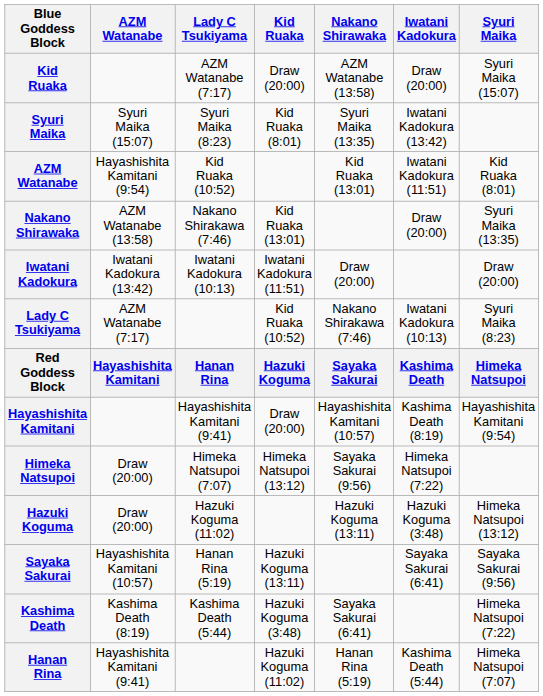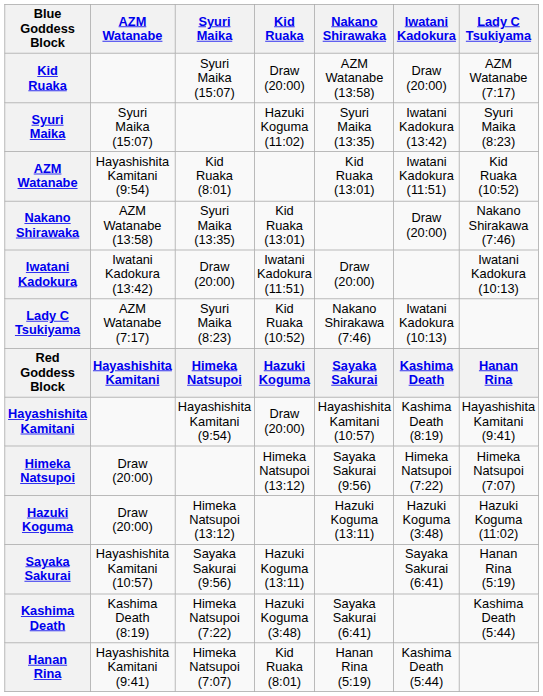 <table class="wikitable" style="text-align:center; margin: 1em auto 1em auto;" width="25%">
 <tr>
 <th>Blue Goddess Block</th>
 <th><a href='#'>AZM</a><br><a href='#'>Watanabe</a></th>
-<th><a href='#'>Lady C</a><br><a href='#'>Tsukiyama</a></th>
+<th><a href='#'>Syuri</a><br><a href='#'>Maika</a></th>
 <th><a href='#'>Kid</a><br><a href='#'>Ruaka</a></th>
 <th><a href='#'>Nakano</a><br><a href='#'>Shirawaka</a></th>
 <th><a href='#'>Iwatani</a><br><a href='#'>Kadokura</a></th>
-<th><a href='#'>Syuri</a><br><a href='#'>Maika</a></th>
+<th><a href='#'>Lady C</a><br><a href='#'>Tsukiyama</a></th>
 </tr>
 <tr>
 <th><a href='#'>Kid</a><br><a href='#'>Ruaka</a></th>
 <td></td>
-<td>AZM<br>Watanabe<br>(7:17)</td>
+<td>Syuri<br>Maika<br>(15:07)</td>
 <td>Draw<br>(20:00)</td>
 <td>AZM<br>Watanabe<br>(13:58)</td>
 <td>Draw<br>(20:00)</td>
-<td>Syuri<br>Maika<br>(15:07)</td>
+<td>AZM<br>Watanabe<br>(7:17)</td>
 </tr>
 <tr>
 <th><a href='#'>Syuri</a><br><a href='#'>Maika</a></th>
 <td>Syuri<br>Maika<br>(15:07)</td>
-<td>Syuri<br>Maika<br>(8:23)</td>
-<td>Kid<br>Ruaka<br>(8:01)</td>
+<td></td>
+<td>Hazuki<br>Koguma<br>(11:02)</td>
 <td>Syuri<br>Maika<br>(13:35)</td>
 <td>Iwatani<br>Kadokura<br>(13:42)</td>
-<td></td>
+<td>Syuri<br>Maika<br>(8:23)</td>
 </tr>
 <tr>
 <th><a href='#'>AZM</a><br><a href='#'>Watanabe</a></th>
 <td>Hayashishita<br>Kamitani<br>(9:54)</td>
-<td>Kid<br>Ruaka<br>(10:52)</td>
+<td>Kid<br>Ruaka<br>(8:01)</td>
 <td></td>
 <td>Kid<br>Ruaka<br>(13:01)</td>
 <td>Iwatani<br>Kadokura<br>(11:51)</td>
-<td>Kid<br>Ruaka<br>(8:01)</td>
+<td>Kid<br>Ruaka<br>(10:52)</td>
 </tr>
 <tr>
 <th><a href='#'>Nakano</a><br><a href='#'>Shirawaka</a></th>
 <td>AZM<br>Watanabe<br>(13:58)</td>
-<td>Nakano<br>Shirakawa<br>(7:46)</td>
+<td>Syuri<br>Maika<br>(13:35)</td>
 <td>Kid<br>Ruaka<br>(13:01)</td>
 <td></td>
 <td>Draw<br>(20:00)</td>
-<td>Syuri<br>Maika<br>(13:35)</td>
+<td>Nakano<br>Shirakawa<br>(7:46)</td>
 </tr>
 <tr>
 <th><a href='#'>Iwatani</a><br><a href='#'>Kadokura</a></th>
 <td>Iwatani<br>Kadokura<br>(13:42)</td>
-<td>Iwatani<br>Kadokura<br>(10:13)</td>
+<td>Draw<br>(20:00)</td>
 <td>Iwatani<br>Kadokura<br>(11:51)</td>
 <td>Draw<br>(20:00)</td>
 <td></td>
-<td>Draw<br>(20:00)</td>
+<td>Iwatani<br>Kadokura<br>(10:13)</td>
 </tr>
 <tr>
 <th><a href='#'>Lady C</a><br><a href='#'>Tsukiyama</a></th>
 <td>AZM<br>Watanabe<br>(7:17)</td>
-<td></td>
+<td>Syuri<br>Maika<br>(8:23)</td>
 <td>Kid<br>Ruaka<br>(10:52)</td>
 <td>Nakano<br>Shirakawa<br>(7:46)</td>
 <td>Iwatani<br>Kadokura<br>(10:13)</td>
-<td>Syuri<br>Maika<br>(8:23)</td>
+<td></td>
 </tr>
 <tr>
 <th>Red Goddess Block</th>
 <th><a href='#'>Hayashishita</a><br><a href='#'>Kamitani</a></th>
-<th><a href='#'>Hanan</a><br><a href='#'>Rina</a></th>
+<th><a href='#'>Himeka</a><br><a href='#'>Natsupoi</a></th>
 <th><a href='#'>Hazuki</a><br><a href='#'>Koguma</a></th>
 <th><a href='#'>Sayaka</a><br><a href='#'>Sakurai</a></th>
 <th><a href='#'>Kashima</a><br><a href='#'>Death</a></th>
-<th><a href='#'>Himeka</a><br><a href='#'>Natsupoi</a></th>
+<th><a href='#'>Hanan</a><br><a href='#'>Rina</a></th>
 </tr>
 <tr>
 <th><a href='#'>Hayashishita</a><br><a href='#'>Kamitani</a></th>
 <td></td>
-<td>Hayashishita<br>Kamitani<br>(9:41)</td>
+<td>Hayashishita<br>Kamitani<br>(9:54)</td>
 <td>Draw<br>(20:00)</td>
 <td>Hayashishita<br>Kamitani<br>(10:57)</td>
 <td>Kashima<br>Death<br>(8:19)</td>
-<td>Hayashishita<br>Kamitani<br>(9:54)</td>
+<td>Hayashishita<br>Kamitani<br>(9:41)</td>
 </tr>
 <tr>
 <th><a href='#'>Himeka</a><br><a href='#'>Natsupoi</a></th>
 <td>Draw<br>(20:00)</td>
-<td>Himeka<br>Natsupoi<br>(7:07)</td>
+<td></td>
 <td>Himeka<br>Natsupoi<br>(13:12)</td>
 <td>Sayaka<br>Sakurai<br>(9:56)</td>
 <td>Himeka<br>Natsupoi<br>(7:22)</td>
-<td></td>
+<td>Himeka<br>Natsupoi<br>(7:07)</td>
 </tr>
 <tr>
 <th><a href='#'>Hazuki</a><br><a href='#'>Koguma</a></th>
 <td>Draw<br>(20:00)</td>
-<td>Hazuki<br>Koguma<br>(11:02)</td>
+<td>Himeka<br>Natsupoi<br>(13:12)</td>
 <td></td>
 <td>Hazuki<br>Koguma<br>(13:11)</td>
 <td>Hazuki<br>Koguma<br>(3:48)</td>
-<td>Himeka<br>Natsupoi<br>(13:12)</td>
+<td>Hazuki<br>Koguma<br>(11:02)</td>
 </tr>
 <tr>
 <th><a href='#'>Sayaka</a><br><a href='#'>Sakurai</a></th>
 <td>Hayashishita<br>Kamitani<br>(10:57)</td>
-<td>Hanan<br>Rina<br>(5:19)</td>
+<td>Sayaka<br>Sakurai<br>(9:56)</td>
 <td>Hazuki<br>Koguma<br>(13:11)</td>
 <td></td>
 <td>Sayaka<br>Sakurai<br>(6:41)</td>
-<td>Sayaka<br>Sakurai<br>(9:56)</td>
+<td>Hanan<br>Rina<br>(5:19)</td>
 </tr>
 <tr>
 <th><a href='#'>Kashima</a><br><a href='#'>Death</a></th>
 <td>Kashima<br>Death<br>(8:19)</td>
-<td>Kashima<br>Death<br>(5:44)</td>
+<td>Himeka<br>Natsupoi<br>(7:22)</td>
 <td>Hazuki<br>Koguma<br>(3:48)</td>
 <td>Sayaka<br>Sakurai<br>(6:41)</td>
 <td></td>
-<td>Himeka<br>Natsupoi<br>(7:22)</td>
+<td>Kashima<br>Death<br>(5:44)</td>
 </tr>
 <tr>
 <th><a href='#'>Hanan</a><br><a href='#'>Rina</a></th>
 <td>Hayashishita<br>Kamitani<br>(9:41)</td>
-<td></td>
-<td>Hazuki<br>Koguma<br>(11:02)</td>
+<td>Himeka<br>Natsupoi<br>(7:07)</td>
+<td>Kid<br>Ruaka<br>(8:01)</td>
 <td>Hanan<br>Rina<br>(5:19)</td>
 <td>Kashima<br>Death<br>(5:44)</td>
-<td>Himeka<br>Natsupoi<br>(7:07)</td>
+<td></td>
 </tr>
 </table>
